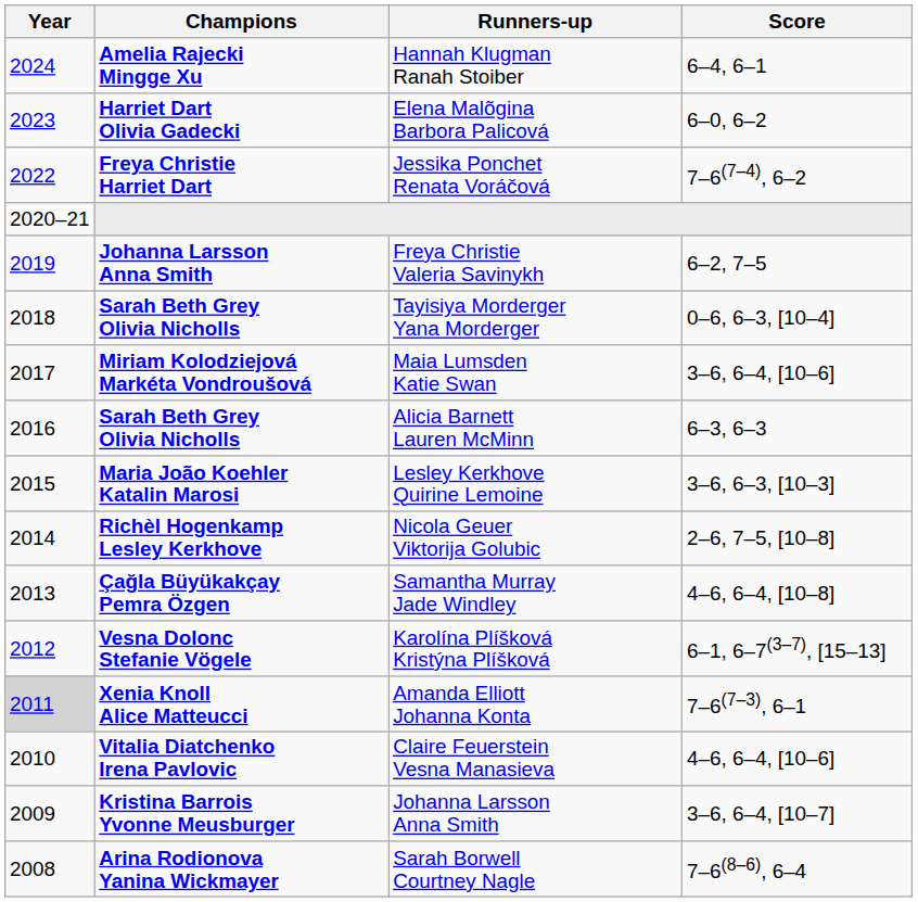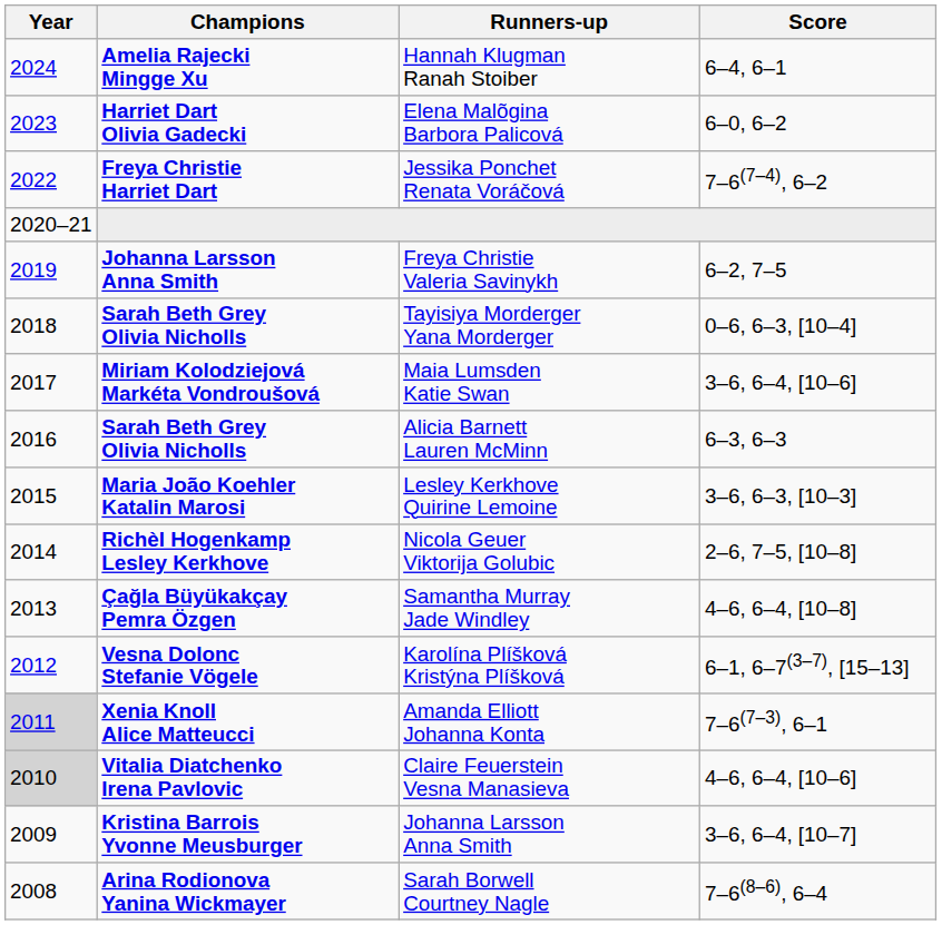 <table class="wikitable" style="font-size:90%">
 <tr>
 <th>Year</th>
 <th width="200">Champions</th>
 <th width="200">Runners-up</th>
 <th width="155">Score</th>
 </tr>
 <tr>
 <td><a href='#'>2024</a></td>
 <td> <strong><a href='#'>Amelia Rajecki</a></strong><br>  <strong><a href='#'>Mingge Xu</a></strong></td>
 <td> <a href='#'>Hannah Klugman</a><br>  Ranah Stoiber</td>
 <td>6–4, 6–1</td>
 </tr>
 <tr>
 <td><a href='#'>2023</a></td>
 <td> <strong><a href='#'>Harriet Dart</a></strong> <br> <strong> <a href='#'>Olivia Gadecki</a></strong></td>
 <td> <a href='#'>Elena Malõgina</a><br>  <a href='#'>Barbora Palicová</a></td>
 <td>6–0, 6–2</td>
 </tr>
 <tr>
 <td><a href='#'>2022</a></td>
 <td> <strong><a href='#'>Freya Christie</a></strong> <br>  <strong><a href='#'>Harriet Dart</a></strong></td>
 <td> <a href='#'>Jessika Ponchet</a> <br>  <a href='#'>Renata Voráčová</a></td>
 <td>7–6<sup>(7–4)</sup>, 6–2</td>
 </tr>
 <tr>
 <td>2020–21</td>
 <td colspan=3 bgcolor="#ededed"></td>
 </tr>
 <tr>
 <td><a href='#'>2019</a></td>
 <td> <strong><a href='#'>Johanna Larsson</a></strong> <br>  <strong><a href='#'>Anna Smith</a></strong></td>
 <td> <a href='#'>Freya Christie</a> <br>  <a href='#'>Valeria Savinykh</a></td>
 <td>6–2, 7–5</td>
 </tr>
 <tr>
 <td>2018</td>
 <td> <strong><a href='#'>Sarah Beth Grey</a></strong> <br>  <strong><a href='#'>Olivia Nicholls</a></strong></td>
 <td> <a href='#'>Tayisiya Morderger</a> <br>  <a href='#'>Yana Morderger</a></td>
 <td>0–6, 6–3, [10–4]</td>
 </tr>
 <tr>
 <td>2017</td>
 <td> <strong><a href='#'>Miriam Kolodziejová</a></strong> <br> <strong> <a href='#'>Markéta Vondroušová</a></strong></td>
 <td> <a href='#'>Maia Lumsden</a> <br>  <a href='#'>Katie Swan</a></td>
 <td>3–6, 6–4, [10–6]</td>
 </tr>
 <tr>
 <td>2016</td>
 <td> <strong><a href='#'>Sarah Beth Grey</a></strong> <br>  <strong><a href='#'>Olivia Nicholls</a></strong></td>
 <td> <a href='#'>Alicia Barnett</a> <br>  <a href='#'>Lauren McMinn</a></td>
 <td>6–3, 6–3</td>
 </tr>
 <tr>
 <td>2015</td>
 <td> <strong><a href='#'>Maria João Koehler</a></strong> <br>  <strong><a href='#'>Katalin Marosi</a></strong></td>
 <td> <a href='#'>Lesley Kerkhove</a> <br>  <a href='#'>Quirine Lemoine</a></td>
 <td>3–6, 6–3, [10–3]</td>
 </tr>
 <tr>
 <td>2014</td>
 <td> <strong><a href='#'>Richèl Hogenkamp</a></strong> <br>  <strong><a href='#'>Lesley Kerkhove</a></strong></td>
 <td> <a href='#'>Nicola Geuer</a> <br>  <a href='#'>Viktorija Golubic</a></td>
 <td>2–6, 7–5, [10–8]</td>
 </tr>
 <tr>
 <td>2013</td>
 <td> <strong><a href='#'>Çağla Büyükakçay</a></strong> <br>  <strong><a href='#'>Pemra Özgen</a></strong></td>
 <td> <a href='#'>Samantha Murray</a> <br>  <a href='#'>Jade Windley</a></td>
 <td>4–6, 6–4, [10–8]</td>
 </tr>
 <tr>
 <td><a href='#'>2012</a></td>
 <td> <strong><a href='#'>Vesna Dolonc</a></strong> <br>  <strong><a href='#'>Stefanie Vögele</a></strong></td>
 <td> <a href='#'>Karolína Plíšková</a> <br>  <a href='#'>Kristýna Plíšková</a></td>
 <td>6–1, 6–7<sup>(3–7)</sup>, [15–13]</td>
 </tr>
 <tr>
 <td style="background: lightgrey;"><a href='#'>2011</a></td>
 <td> <strong><a href='#'>Xenia Knoll</a></strong> <br>  <strong><a href='#'>Alice Matteucci</a></strong></td>
 <td> <a href='#'>Amanda Elliott</a> <br>  <a href='#'>Johanna Konta</a></td>
 <td>7–6<sup>(7–3)</sup>, 6–1</td>
 </tr>
 <tr>
-<td>2010</td>
+<td style="background: lightgrey;">2010</td>
 <td> <strong><a href='#'>Vitalia Diatchenko</a></strong> <br>  <strong><a href='#'>Irena Pavlovic</a></strong></td>
 <td> <a href='#'>Claire Feuerstein</a> <br>  <a href='#'>Vesna Manasieva</a></td>
 <td>4–6, 6–4, [10–6]</td>
 </tr>
 <tr>
 <td>2009</td>
 <td> <strong><a href='#'>Kristina Barrois</a></strong> <br>  <strong><a href='#'>Yvonne Meusburger</a></strong></td>
 <td> <a href='#'>Johanna Larsson</a> <br>  <a href='#'>Anna Smith</a></td>
 <td>3–6, 6–4, [10–7]</td>
 </tr>
 <tr>
 <td>2008</td>
 <td> <strong><a href='#'>Arina Rodionova</a></strong> <br>  <strong><a href='#'>Yanina Wickmayer</a></strong></td>
 <td> <a href='#'>Sarah Borwell</a> <br>  <a href='#'>Courtney Nagle</a></td>
 <td>7–6<sup>(8–6)</sup>, 6–4</td>
 </tr>
 </table>
